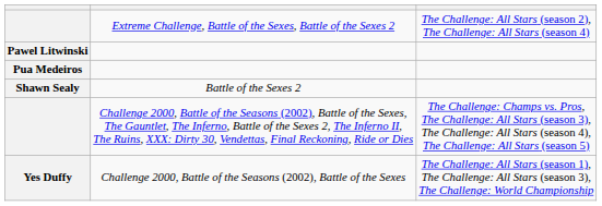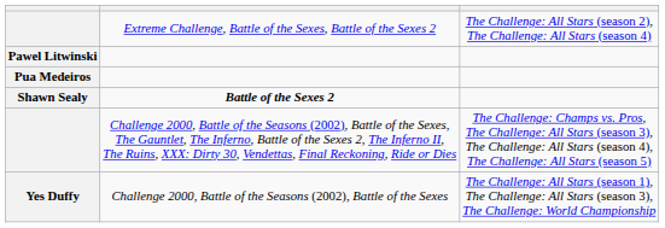 <table class="wikitable sortable" style="text-align:center">
 <tr>
 <th scope="col"></th>
 <th scope="col"></th>
 <th scope="col"></th>
 </tr>
 <tr>
 <th scope="row"></th>
 <td><em><a href='#'>Extreme Challenge</a></em>, <em><a href='#'>Battle of the Sexes</a></em>, <em><a href='#'>Battle of the Sexes 2</a></em></td>
 <td><a href='#'><em>The Challenge: All Stars</em> (season 2)</a>,<br><a href='#'><em>The Challenge: All Stars</em> (season 4)</a></td>
 </tr>
 <tr>
 <th scope="row">Pawel Litwinski</th>
 <td></td>
 <td></td>
 </tr>
 <tr>
 <th scope="row">Pua Medeiros</th>
 <td></td>
 <td></td>
 </tr>
 <tr>
 <th scope="row">Shawn Sealy</th>
-<td><em>Battle of the Sexes 2</em></td>
+<td><strong><em>Battle of the Sexes 2</em></strong></td>
 <td></td>
 </tr>
 <tr>
 <th scope="row"></th>
 <td><em><a href='#'>Challenge 2000</a></em>, <a href='#'><em>Battle of the Seasons</em> (2002)</a>, <em>Battle of the Sexes</em>,<br><em><a href='#'>The Gauntlet</a></em>, <em><a href='#'>The Inferno</a></em>, <em>Battle of the Sexes 2</em>, <em><a href='#'>The Inferno II</a></em>,<br><em><a href='#'>The Ruins</a></em>, <em><a href='#'>XXX: Dirty 30</a></em>, <em><a href='#'>Vendettas</a></em>, <em><a href='#'>Final Reckoning</a></em>, <em><a href='#'>Ride or Dies</a></em></td>
 <td><em><a href='#'>The Challenge: Champs vs. Pros</a></em>,<br><a href='#'><em>The Challenge: All Stars</em> (season 3)</a>,<br><em>The Challenge: All Stars</em> (season 4),<br><a href='#'><em>The Challenge: All Stars</em> (season 5)</a></td>
 </tr>
 <tr>
 <th scope="row">Yes Duffy</th>
 <td><em>Challenge 2000</em>, <em>Battle of the Seasons</em> (2002), <em>Battle of the Sexes</em></td>
 <td><a href='#'><em>The Challenge: All Stars</em> (season 1)</a>,<br><em>The Challenge: All Stars</em> (season 3),<br><em><a href='#'>The Challenge: World Championship</a></em></td>
 </tr>
 </table>
